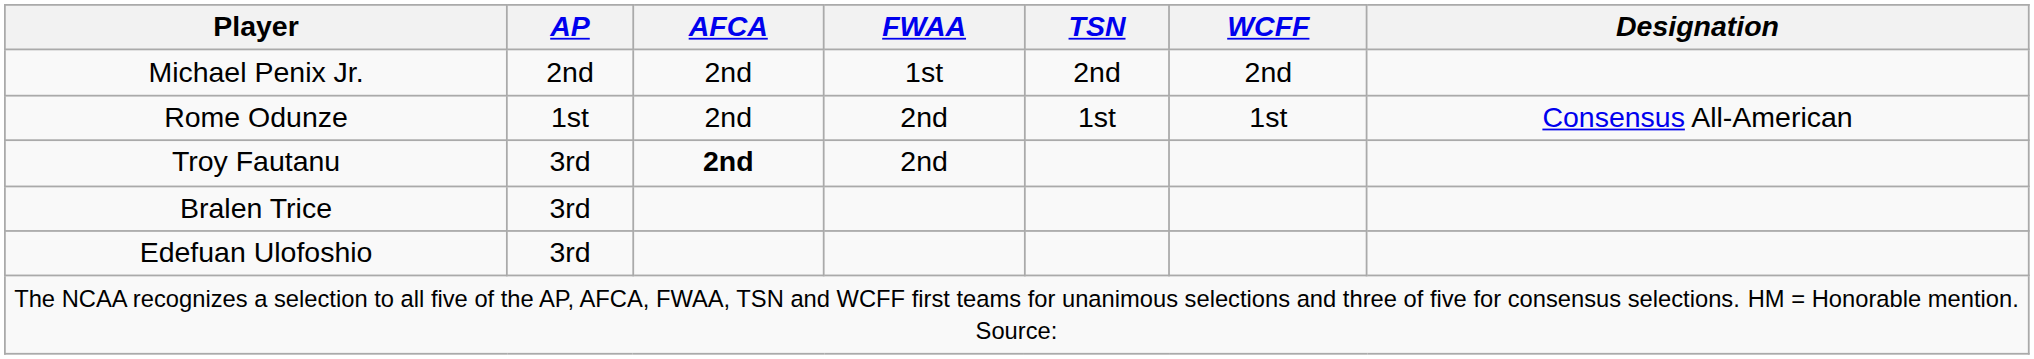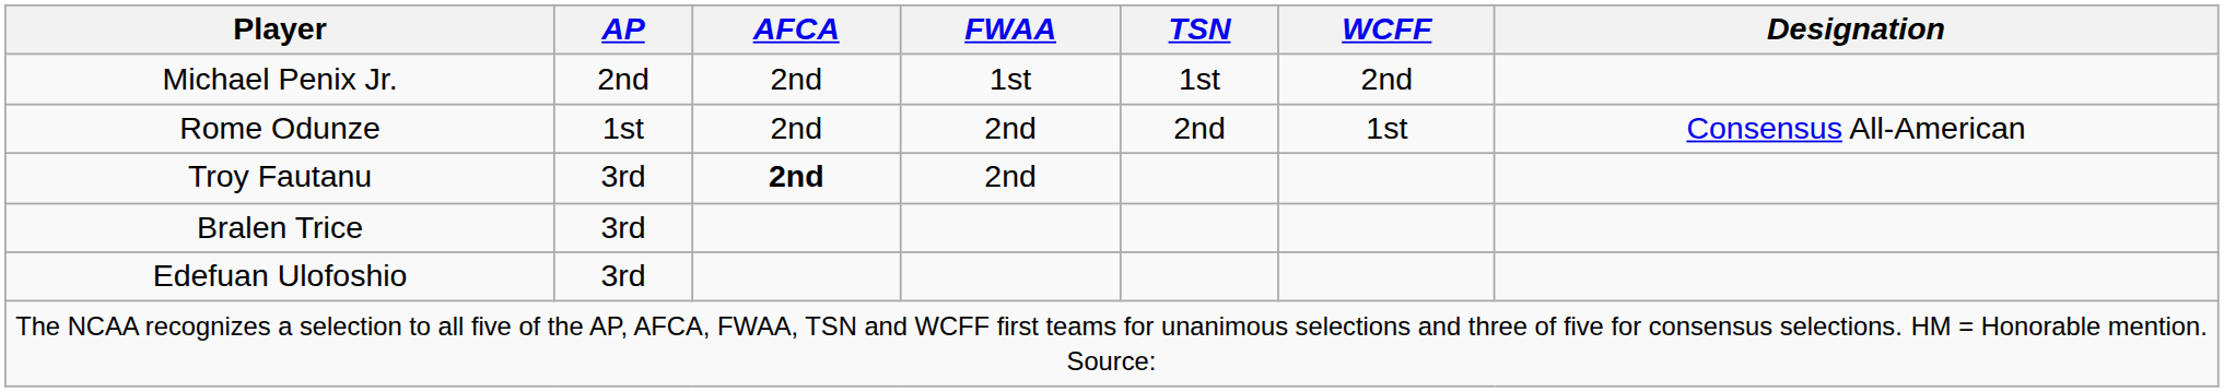 <table class="wikitable" style="width: 90%;text-align: center;">
 <tr>
 <th>Player</th>
 <th><a href='#'><span><em>AP</em></span></a></th>
 <th><a href='#'><span><em>AFCA</em></span></a></th>
 <th><a href='#'><span><em>FWAA</em></span></a></th>
 <th><a href='#'><span><em>TSN</em></span></a></th>
 <th><a href='#'><span><em>WCFF</em></span></a></th>
 <th><span><em>Designation</em></span></th>
 </tr>
 <tr align="center">
 <td>Michael Penix Jr.</td>
 <td>2nd</td>
 <td>2nd</td>
 <td>1st</td>
-<td>2nd</td>
+<td>1st</td>
 <td>2nd</td>
 <td></td>
 </tr>
 <tr align="center">
 <td>Rome Odunze</td>
 <td>1st</td>
 <td>2nd</td>
 <td>2nd</td>
-<td>1st</td>
+<td>2nd</td>
 <td>1st</td>
 <td><a href='#'>Consensus</a> All-American</td>
 </tr>
 <tr align="center">
 <td>Troy Fautanu</td>
 <td>3rd</td>
 <td><strong>2nd</strong></td>
 <td>2nd</td>
 <td></td>
 <td></td>
 <td></td>
 </tr>
 <tr align="center">
 <td>Bralen Trice</td>
 <td>3rd</td>
 <td></td>
 <td></td>
 <td></td>
 <td></td>
 <td></td>
 </tr>
 <tr align="center">
 <td>Edefuan Ulofoshio</td>
 <td>3rd</td>
 <td></td>
 <td></td>
 <td></td>
 <td></td>
 <td></td>
 </tr>
 <tr align="center">
 <td colspan=7><small>The NCAA recognizes a selection to all five of the AP, AFCA, FWAA, TSN and WCFF first teams for unanimous selections and three of five for consensus selections.</small> <small>HM = Honorable mention. Source:</small></td>
 </tr>
 </table>
